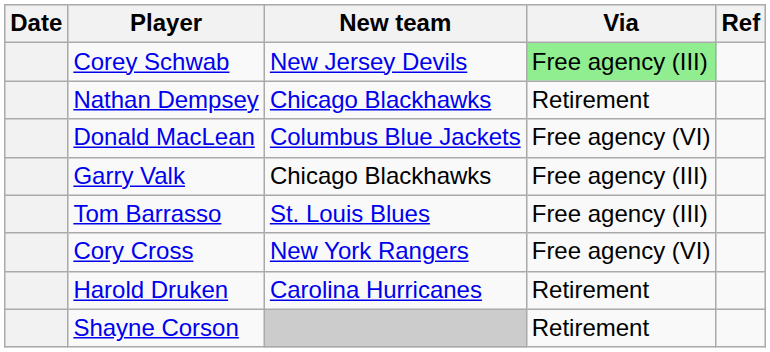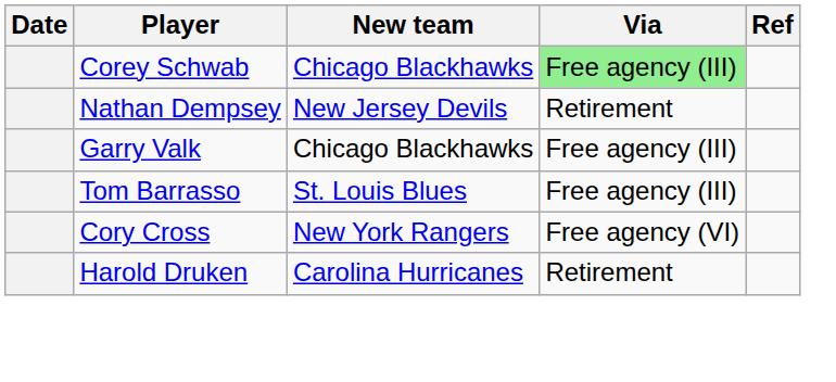 <table class="wikitable plainrowheaders">
 <tr style="background:#ddd; text-align:center;">
 <th>Date</th>
 <th>Player</th>
 <th>New team</th>
 <th>Via</th>
 <th>Ref</th>
 </tr>
 <tr>
 <th scope="row"></th>
 <td><a href='#'>Corey Schwab</a></td>
-<td><a href='#'>New Jersey Devils</a></td>
+<td><a href='#'>Chicago Blackhawks</a></td>
 <td style="background: lightgreen;">Free agency (III)</td>
 <td></td>
 </tr>
 <tr>
 <th scope="row"></th>
 <td><a href='#'>Nathan Dempsey</a></td>
-<td><a href='#'>Chicago Blackhawks</a></td>
+<td><a href='#'>New Jersey Devils</a></td>
 <td>Retirement</td>
-<td></td>
-</tr>
-<tr>
-<th scope="row"></th>
-<td><a href='#'>Donald MacLean</a></td>
-<td><a href='#'>Columbus Blue Jackets</a></td>
-<td>Free agency (VI)</td>
 <td></td>
 </tr>
 <tr>
 <th scope="row"></th>
 <td><a href='#'>Garry Valk</a></td>
 <td>Chicago Blackhawks</td>
 <td>Free agency (III)</td>
 <td></td>
 </tr>
 <tr>
 <th scope="row"></th>
 <td><a href='#'>Tom Barrasso</a></td>
 <td><a href='#'>St. Louis Blues</a></td>
 <td>Free agency (III)</td>
 <td></td>
 </tr>
 <tr>
 <th scope="row"></th>
 <td><a href='#'>Cory Cross</a></td>
 <td><a href='#'>New York Rangers</a></td>
 <td>Free agency (VI)</td>
 <td></td>
 </tr>
 <tr>
 <th scope="row"></th>
 <td><a href='#'>Harold Druken</a></td>
 <td><a href='#'>Carolina Hurricanes</a></td>
 <td>Retirement</td>
 <td></td>
 </tr>
-<tr>
-<th scope="row"></th>
-<td><a href='#'>Shayne Corson</a></td>
-<td style="background:#ccc"></td>
-<td>Retirement</td>
-<td></td>
-</tr>
 </table>
